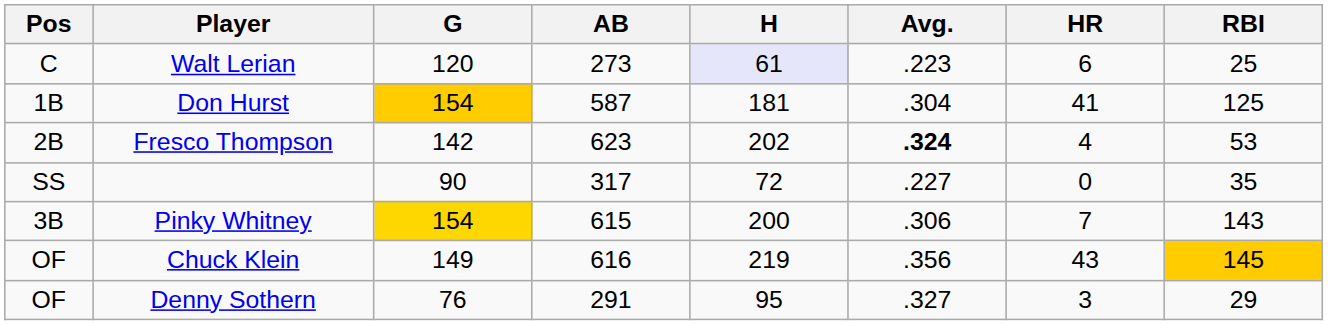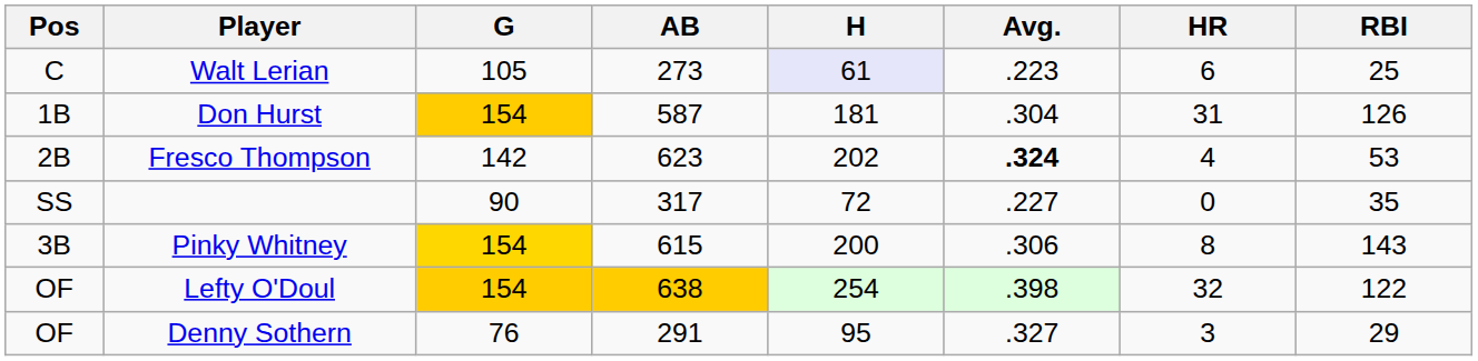 <table class="wikitable sortable">
 <tr>
 <th bgcolor="#DDDDFF" width="5%">Pos</th>
 <th bgcolor="#DDDDFF" width="16%">Player</th>
 <th bgcolor="#DDDDFF" width="9%">G</th>
 <th bgcolor="#DDDDFF" width="9%">AB</th>
 <th bgcolor="#DDDDFF" width="9%">H</th>
 <th bgcolor="#DDDDFF" width="9%">Avg.</th>
 <th bgcolor="#DDDDFF" width="9%">HR</th>
 <th bgcolor="#DDDDFF" width="9%">RBI</th>
 </tr>
 <tr align="center">
 <td>C</td>
 <td><a href='#'>Walt Lerian</a></td>
-<td>120</td>
+<td>105</td>
 <td>273</td>
 <td style="background: lavender;">61</td>
 <td>.223</td>
 <td>6</td>
 <td>25</td>
 </tr>
 <tr align=center>
 <td>1B</td>
 <td><a href='#'>Don Hurst</a></td>
 <td style="background:#fc0;">154</td>
 <td>587</td>
 <td>181</td>
 <td>.304</td>
-<td>41</td>
-<td>125</td>
+<td>31</td>
+<td>126</td>
 </tr>
 <tr align=center>
 <td>2B</td>
 <td><a href='#'>Fresco Thompson</a></td>
 <td>142</td>
 <td>623</td>
 <td>202</td>
 <td><strong>.324</strong></td>
 <td>4</td>
 <td>53</td>
 </tr>
 <tr align=center>
 <td>SS</td>
 <td></td>
 <td>90</td>
 <td>317</td>
 <td>72</td>
 <td>.227</td>
 <td>0</td>
 <td>35</td>
 </tr>
 <tr align="center">
 <td>3B</td>
 <td><a href='#'>Pinky Whitney</a></td>
 <td style="background: gold;">154</td>
 <td>615</td>
 <td>200</td>
 <td>.306</td>
-<td>7</td>
+<td>8</td>
 <td>143</td>
 </tr>
 <tr align=center>
 <td>OF</td>
-<td><a href='#'>Chuck Klein</a></td>
-<td>149</td>
-<td>616</td>
-<td>219</td>
-<td>.356</td>
-<td>43</td>
-<td style="background:#fc0;">145</td>
+<td><a href='#'>Lefty O'Doul</a></td>
+<td style="background:#fc0;">154</td>
+<td style="background:#fc0;">638</td>
+<td style="background:#DDFFDD;">254</td>
+<td style="background:#DDFFDD;">.398</td>
+<td>32</td>
+<td>122</td>
 </tr>
 <tr align=center>
 <td>OF</td>
 <td><a href='#'>Denny Sothern</a></td>
 <td>76</td>
 <td>291</td>
 <td>95</td>
 <td>.327</td>
 <td>3</td>
 <td>29</td>
 </tr>
 </table>
